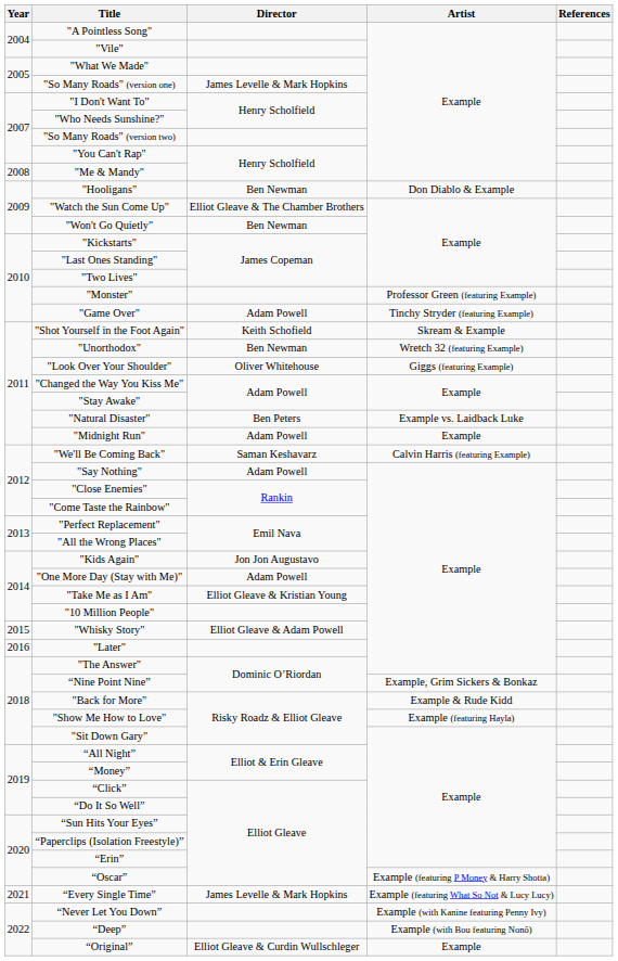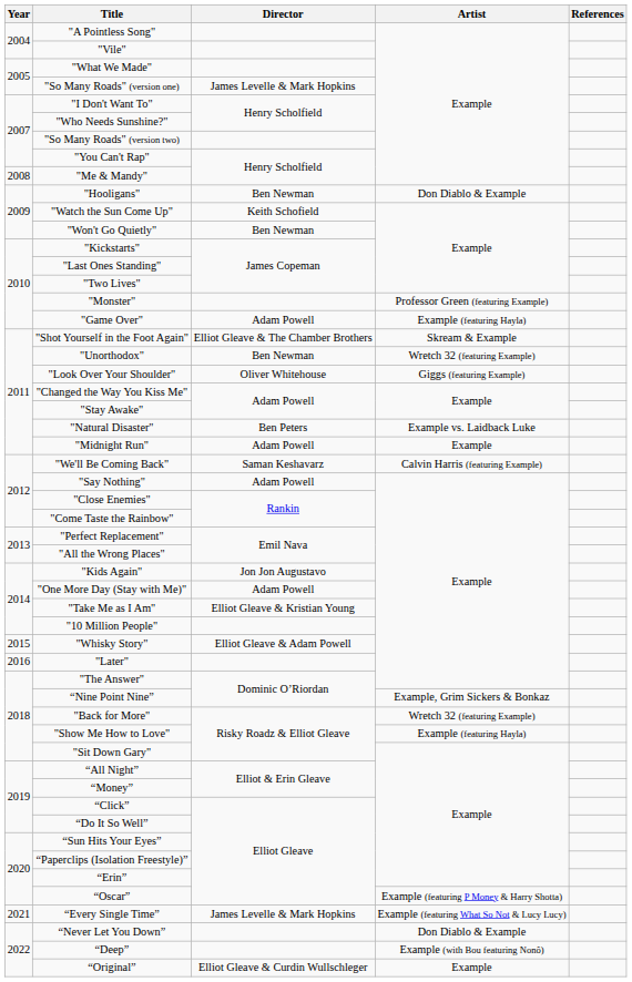 <table class="wikitable" style="text-align:center;">
 <tr>
 <th>Year</th>
 <th>Title</th>
 <th>Director</th>
 <th>Artist</th>
 <th>References</th>
 </tr>
 <tr>
 <td rowspan="2">2004</td>
 <td>"A Pointless Song"</td>
 <td></td>
 <td rowspan="9">Example</td>
 <td></td>
 </tr>
 <tr>
 <td>"Vile"</td>
 <td></td>
 </tr>
 <tr>
 <td rowspan="2">2005</td>
 <td>"What We Made"</td>
 <td></td>
 <td></td>
 </tr>
 <tr>
 <td>"So Many Roads" <small>(version one)</small></td>
 <td>James Levelle & Mark Hopkins</td>
 <td></td>
 </tr>
 <tr>
 <td rowspan="4">2007</td>
 <td>"I Don't Want To"</td>
 <td rowspan="2">Henry Scholfield</td>
 <td></td>
 </tr>
 <tr>
 <td>"Who Needs Sunshine?"</td>
 <td></td>
 </tr>
 <tr>
 <td>"So Many Roads" <small>(version two)</small></td>
 <td></td>
 <td></td>
 </tr>
 <tr>
 <td>"You Can't Rap"</td>
 <td rowspan="2">Henry Scholfield</td>
 <td></td>
 </tr>
 <tr>
 <td>2008</td>
 <td>"Me & Mandy"</td>
 <td></td>
 </tr>
 <tr>
 <td rowspan="3">2009</td>
 <td>"Hooligans"</td>
 <td>Ben Newman</td>
 <td>Don Diablo & Example</td>
 <td></td>
 </tr>
 <tr>
 <td>"Watch the Sun Come Up"</td>
-<td>Elliot Gleave & The Chamber Brothers</td>
+<td>Keith Schofield</td>
 <td rowspan="5">Example</td>
 <td></td>
 </tr>
 <tr>
 <td>"Won't Go Quietly"</td>
 <td>Ben Newman</td>
 <td></td>
 </tr>
 <tr>
 <td rowspan="5">2010</td>
 <td>"Kickstarts"</td>
 <td rowspan="3">James Copeman</td>
 <td></td>
 </tr>
 <tr>
 <td>"Last Ones Standing"</td>
 <td></td>
 </tr>
 <tr>
 <td>"Two Lives"</td>
 <td></td>
 </tr>
 <tr>
 <td>"Monster"</td>
 <td></td>
 <td>Professor Green <small>(featuring Example)</small></td>
 <td></td>
 </tr>
 <tr>
 <td>"Game Over"</td>
 <td>Adam Powell</td>
-<td>Tinchy Stryder <small>(featuring Example)</small></td>
+<td>Example <small>(featuring Hayla)</small></td>
 <td></td>
 </tr>
 <tr>
 <td rowspan="7">2011</td>
 <td>"Shot Yourself in the Foot Again"</td>
-<td>Keith Schofield</td>
+<td>Elliot Gleave & The Chamber Brothers</td>
 <td>Skream & Example</td>
 <td></td>
 </tr>
 <tr>
 <td>"Unorthodox"</td>
 <td>Ben Newman</td>
 <td>Wretch 32 <small>(featuring Example)</small></td>
 <td></td>
 </tr>
 <tr>
 <td>"Look Over Your Shoulder"</td>
 <td>Oliver Whitehouse</td>
 <td>Giggs <small>(featuring Example)</small></td>
 <td></td>
 </tr>
 <tr>
 <td>"Changed the Way You Kiss Me"</td>
 <td rowspan="2">Adam Powell</td>
 <td rowspan="2">Example</td>
 <td></td>
 </tr>
 <tr>
 <td>"Stay Awake"</td>
 <td></td>
 </tr>
 <tr>
 <td>"Natural Disaster"</td>
 <td>Ben Peters</td>
 <td>Example vs. Laidback Luke</td>
 <td></td>
 </tr>
 <tr>
 <td>"Midnight Run"</td>
 <td>Adam Powell</td>
 <td>Example</td>
 <td></td>
 </tr>
 <tr>
 <td rowspan="4">2012</td>
 <td>"We'll Be Coming Back"</td>
 <td>Saman Keshavarz</td>
 <td>Calvin Harris <small>(featuring Example)</small></td>
 <td></td>
 </tr>
 <tr>
 <td>"Say Nothing"</td>
 <td>Adam Powell</td>
 <td rowspan="12">Example</td>
 <td></td>
 </tr>
 <tr>
 <td>"Close Enemies"</td>
 <td rowspan="2"><a href='#'>Rankin</a></td>
 <td></td>
 </tr>
 <tr>
 <td>"Come Taste the Rainbow"</td>
 <td></td>
 </tr>
 <tr>
 <td rowspan="2">2013</td>
 <td>"Perfect Replacement"</td>
 <td rowspan="2">Emil Nava</td>
 <td></td>
 </tr>
 <tr>
 <td>"All the Wrong Places"</td>
 <td></td>
 </tr>
 <tr>
 <td rowspan="4">2014</td>
 <td>"Kids Again"</td>
 <td>Jon Jon Augustavo</td>
 <td></td>
 </tr>
 <tr>
 <td>"One More Day (Stay with Me)"</td>
 <td>Adam Powell</td>
 <td></td>
 </tr>
 <tr>
 <td>"Take Me as I Am"</td>
 <td>Elliot Gleave & Kristian Young</td>
 <td></td>
 </tr>
 <tr>
 <td>"10 Million People"</td>
 <td></td>
 <td></td>
 </tr>
 <tr>
 <td>2015</td>
 <td>"Whisky Story"</td>
 <td>Elliot Gleave & Adam Powell</td>
 <td></td>
 </tr>
 <tr>
 <td>2016</td>
 <td>"Later"</td>
 <td></td>
 <td></td>
 </tr>
 <tr>
 <td rowspan="5”">2018</td>
 <td>"The Answer"</td>
 <td rowspan="2">Dominic O’Riordan</td>
 <td></td>
 </tr>
 <tr>
 <td>“Nine Point Nine”</td>
 <td>Example, Grim Sickers & Bonkaz</td>
 <td></td>
 </tr>
 <tr>
 <td>"Back for More"</td>
 <td rowspan="3”">Risky Roadz & Elliot Gleave</td>
-<td>Example & Rude Kidd</td>
+<td>Wretch 32 <small>(featuring Example)</small></td>
 <td></td>
 </tr>
 <tr>
 <td>"Show Me How to Love"</td>
 <td>Example <small>(featuring Hayla)</small></td>
 <td></td>
 </tr>
 <tr>
 <td>"Sit Down Gary"</td>
 <td rowspan="8">Example</td>
 <td></td>
 </tr>
 <tr>
 <td rowspan=4”>2019</td>
 <td>“All Night”</td>
 <td rowspan=2”>Elliot & Erin Gleave</td>
 <td></td>
 </tr>
 <tr>
 <td>“Money”</td>
 <td></td>
 </tr>
 <tr>
 <td>“Click”</td>
 <td rowspan=6”>Elliot Gleave</td>
 <td></td>
 </tr>
 <tr>
 <td>“Do It So Well”</td>
 <td></td>
 </tr>
 <tr>
 <td rowspan=4”>2020</td>
 <td>“Sun Hits Your Eyes”</td>
 <td></td>
 </tr>
 <tr>
 <td>“Paperclips (Isolation Freestyle)”</td>
 <td></td>
 </tr>
 <tr>
 <td>“Erin”</td>
 <td></td>
 </tr>
 <tr>
 <td>“Oscar”</td>
 <td>Example <small>(featuring <a href='#'>P Money</a> & Harry Shotta)</small></td>
 <td></td>
 </tr>
 <tr>
 <td>2021</td>
 <td>“Every Single Time”</td>
 <td>James Levelle & Mark Hopkins</td>
 <td>Example <small>(featuring <a href='#'>What So Not</a> & Lucy Lucy)</small></td>
 <td></td>
 </tr>
 <tr>
 <td rowspan=3”>2022</td>
 <td>“Never Let You Down”</td>
 <td></td>
-<td>Example <small>(with Kanine featuring Penny Ivy)</small></td>
+<td>Don Diablo & Example</td>
 <td></td>
 </tr>
 <tr>
 <td>“Deep”</td>
 <td></td>
 <td>Example <small>(with Bou featuring Nonô)</small></td>
 <td></td>
 </tr>
 <tr>
 <td>“Original”</td>
 <td>Elliot Gleave & Curdin Wullschleger</td>
 <td>Example</td>
 <td></td>
 </tr>
 </table>
